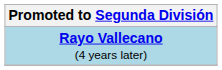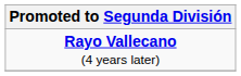 <table class="wikitable" style="text-align: center; margin: 0 auto;">
 <tr>
 <th colspan="2">Promoted to <a href='#'>Segunda División</a></th>
 </tr>
 <tr>
-<td style="background: lightblue;"><strong><a href='#'>Rayo Vallecano</a></strong><br><small>(4 years later)</small></td>
+<td><strong><a href='#'>Rayo Vallecano</a></strong><br><small>(4 years later)</small></td>
 </tr>
 <tr>
 </tr>
 </table>
